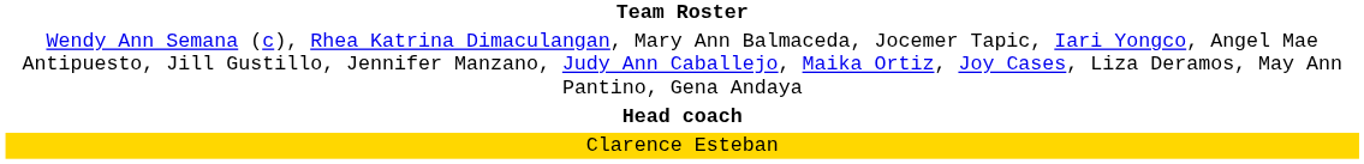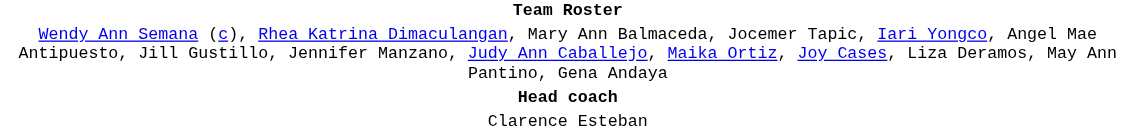 <table style="text-align: center; margin-top: 2em; margin-left: auto; margin-right: auto">
 <tr>
 <td><strong>Team Roster</strong></td>
 </tr>
 <tr>
 <td><a href='#'>Wendy Ann Semana</a> (<a href='#'>c</a>), <a href='#'>Rhea Katrina Dimaculangan</a>, Mary Ann Balmaceda, Jocemer Tapic, <a href='#'>Iari Yongco</a>, Angel Mae Antipuesto, Jill Gustillo, Jennifer Manzano, <a href='#'>Judy Ann Caballejo</a>, <a href='#'>Maika Ortiz</a>, <a href='#'>Joy Cases</a>, Liza Deramos, May Ann Pantino, Gena Andaya</td>
 </tr>
 <tr>
 <td><strong>Head coach</strong></td>
 </tr>
 <tr>
-<td style="background: gold;">Clarence Esteban</td>
+<td>Clarence Esteban</td>
 </tr>
 </table>
